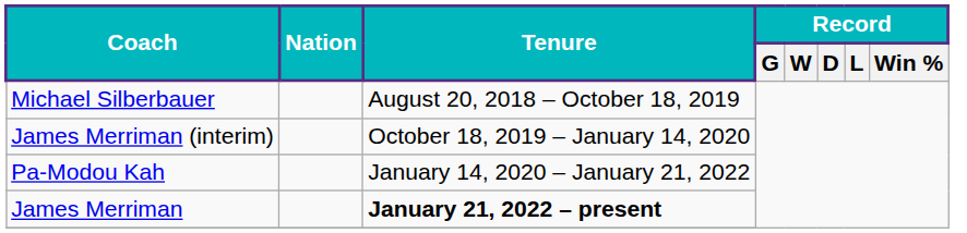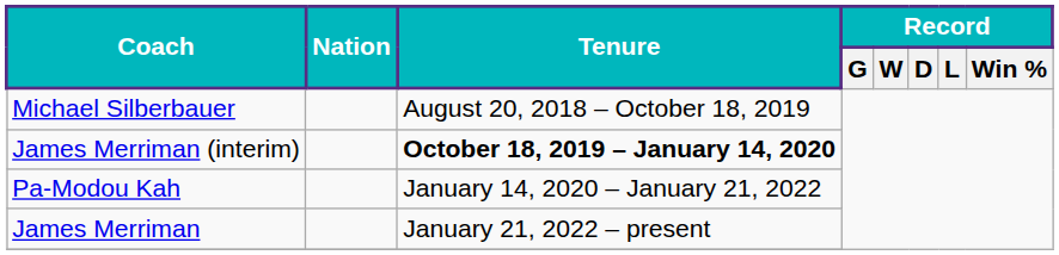 <table class="wikitable" style="text-align:left">
 <tr>
 <th style="background:#00b7bd; color:#fff; border:2px solid #582c83;" scope="col" rowspan="2">Coach</th>
 <th style="background:#00b7bd; color:#fff; border:2px solid #582c83;" scope="col" rowspan="2">Nation</th>
 <th style="background:#00b7bd; color:#fff; border:2px solid #582c83;" scope="col" rowspan="2">Tenure</th>
 <th style="background:#00b7bd; color:#fff; border:2px solid #582c83;" scope="col" colspan="5">Record</th>
 </tr>
 <tr>
 <th>G</th>
 <th>W</th>
 <th>D</th>
 <th>L</th>
 <th>Win %</th>
 </tr>
 <tr>
 <td><a href='#'>Michael Silberbauer</a></td>
 <td></td>
 <td>August 20, 2018 – October 18, 2019<br></td>
 </tr>
 <tr>
 <td><a href='#'>James Merriman</a> (interim)</td>
 <td></td>
-<td>October 18, 2019 – January 14, 2020<br></td>
+<td><strong>October 18, 2019 – January 14, 2020<br></strong></td>
 </tr>
 <tr>
 <td><a href='#'>Pa-Modou Kah</a></td>
 <td></td>
 <td>January 14, 2020 – January 21, 2022<br></td>
 </tr>
 <tr>
 <td><a href='#'>James Merriman</a></td>
 <td></td>
-<td><strong>January 21, 2022 – present<br></strong></td>
+<td>January 21, 2022 – present<br></td>
 </tr>
 <tr>
 </tr>
 </table>
